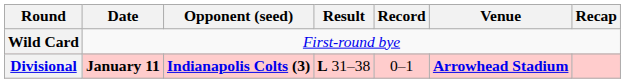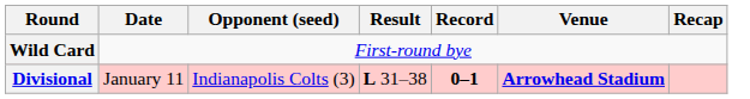 <table class="wikitable" style="text-align:center">
 <tr>
 <th>Round</th>
 <th>Date</th>
 <th>Opponent (seed)</th>
 <th>Result</th>
 <th>Record</th>
 <th>Venue</th>
 <th>Recap</th>
 </tr>
 <tr>
 <th>Wild Card</th>
 <td colspan="6"><em><a href='#'>First-round bye</a></em></td>
 </tr>
 <tr style="background:#fcc">
 <th><a href='#'>Divisional</a></th>
-<td><strong>January 11</strong></td>
-<td><strong><a href='#'>Indianapolis Colts</a> (3)</strong></td>
+<td>January 11</td>
+<td><a href='#'>Indianapolis Colts</a> (3)</td>
 <td><strong>L</strong> 31–38</td>
-<td>0–1</td>
+<td><strong>0–1</strong></td>
 <td><strong><a href='#'>Arrowhead Stadium</a></strong></td>
 <td></td>
 </tr>
 </table>
